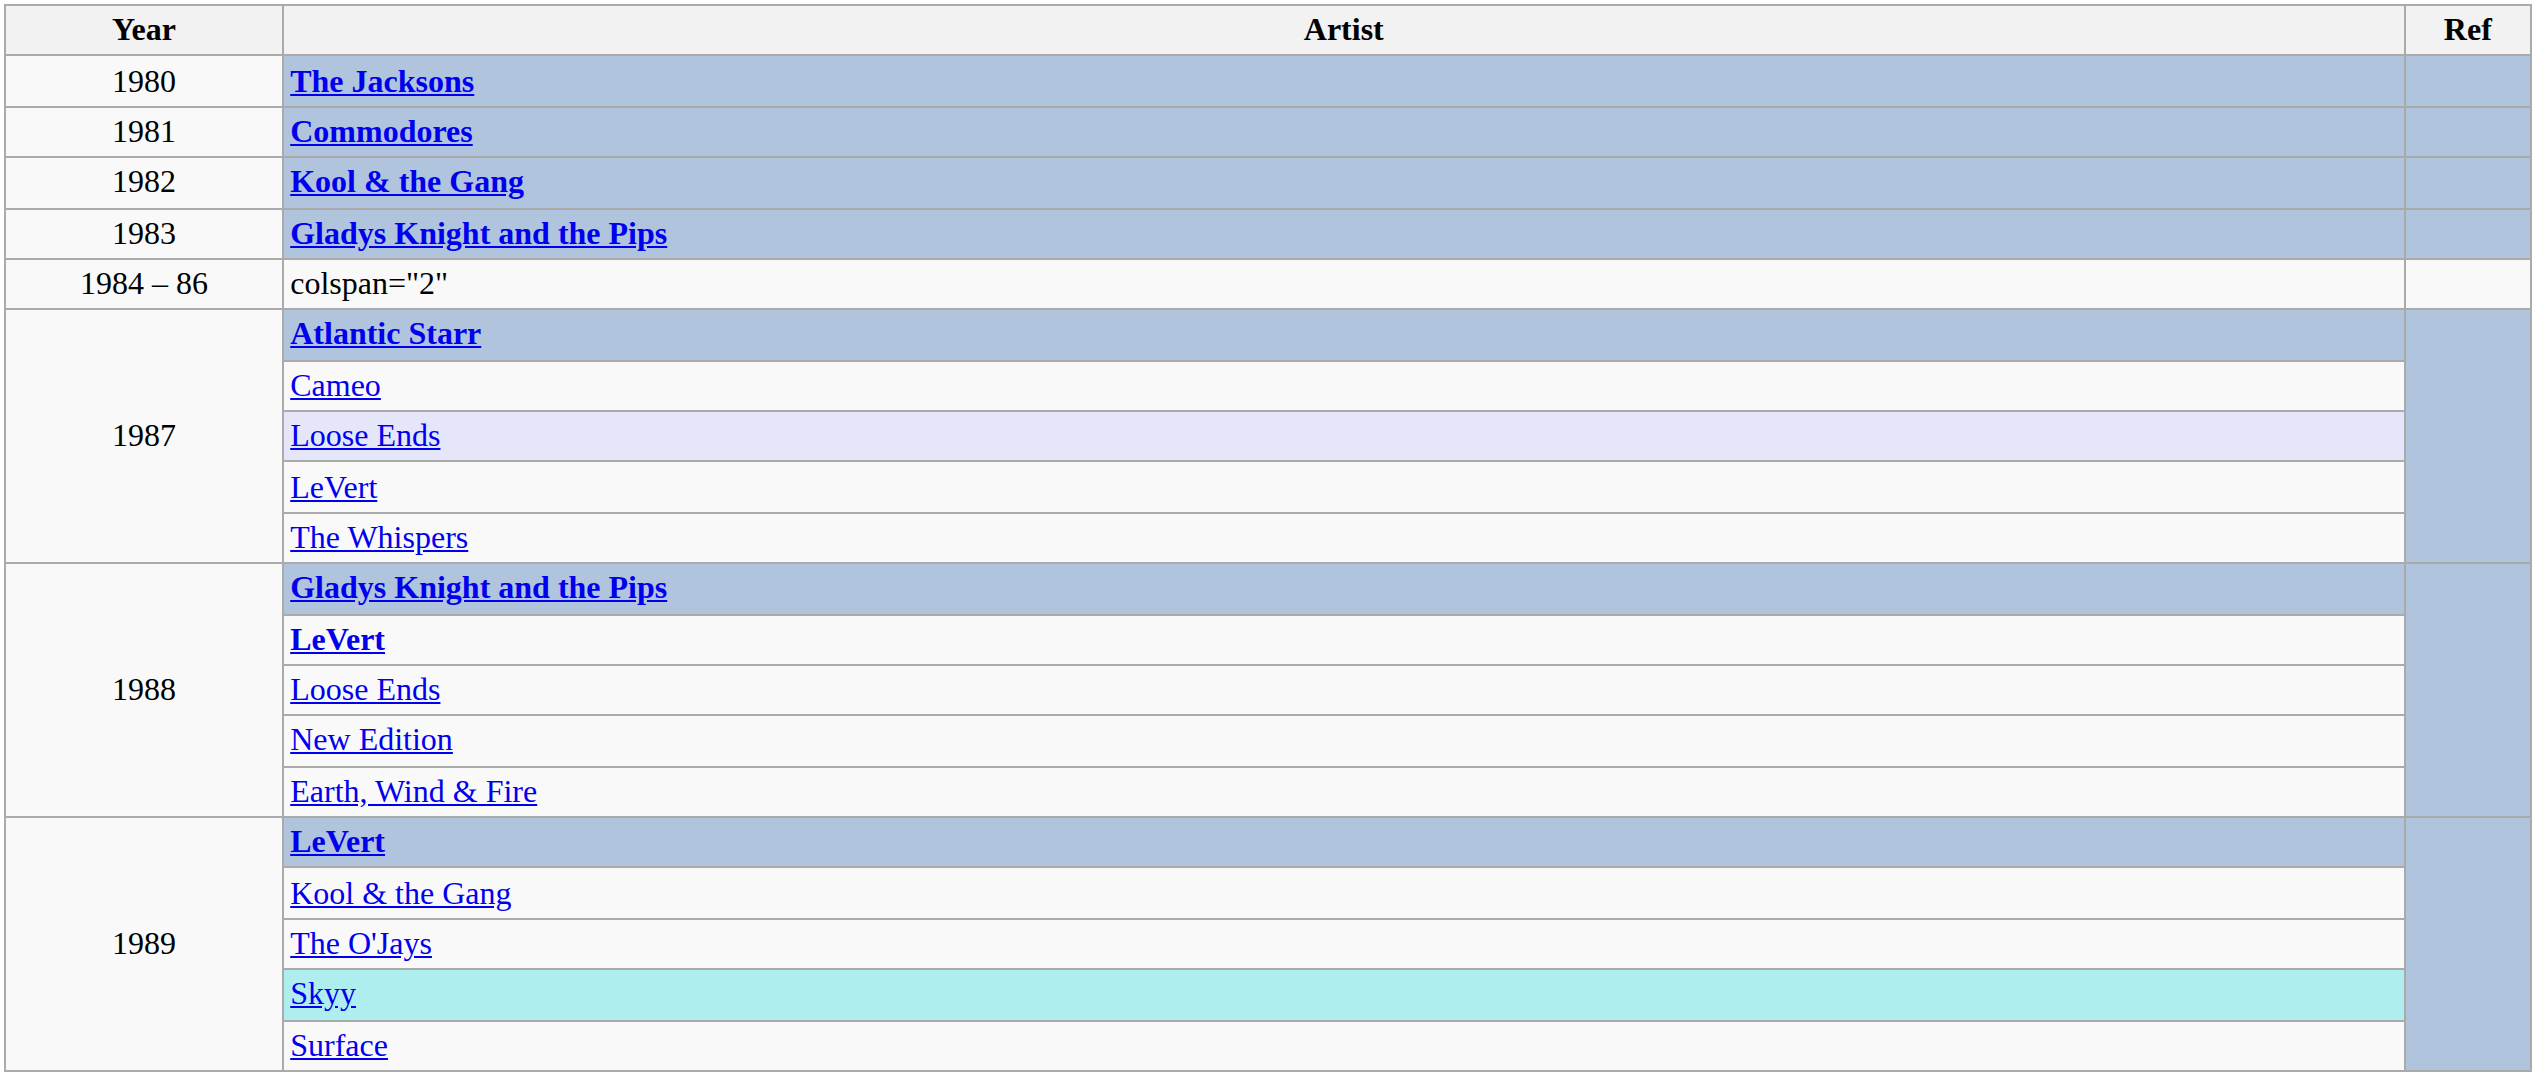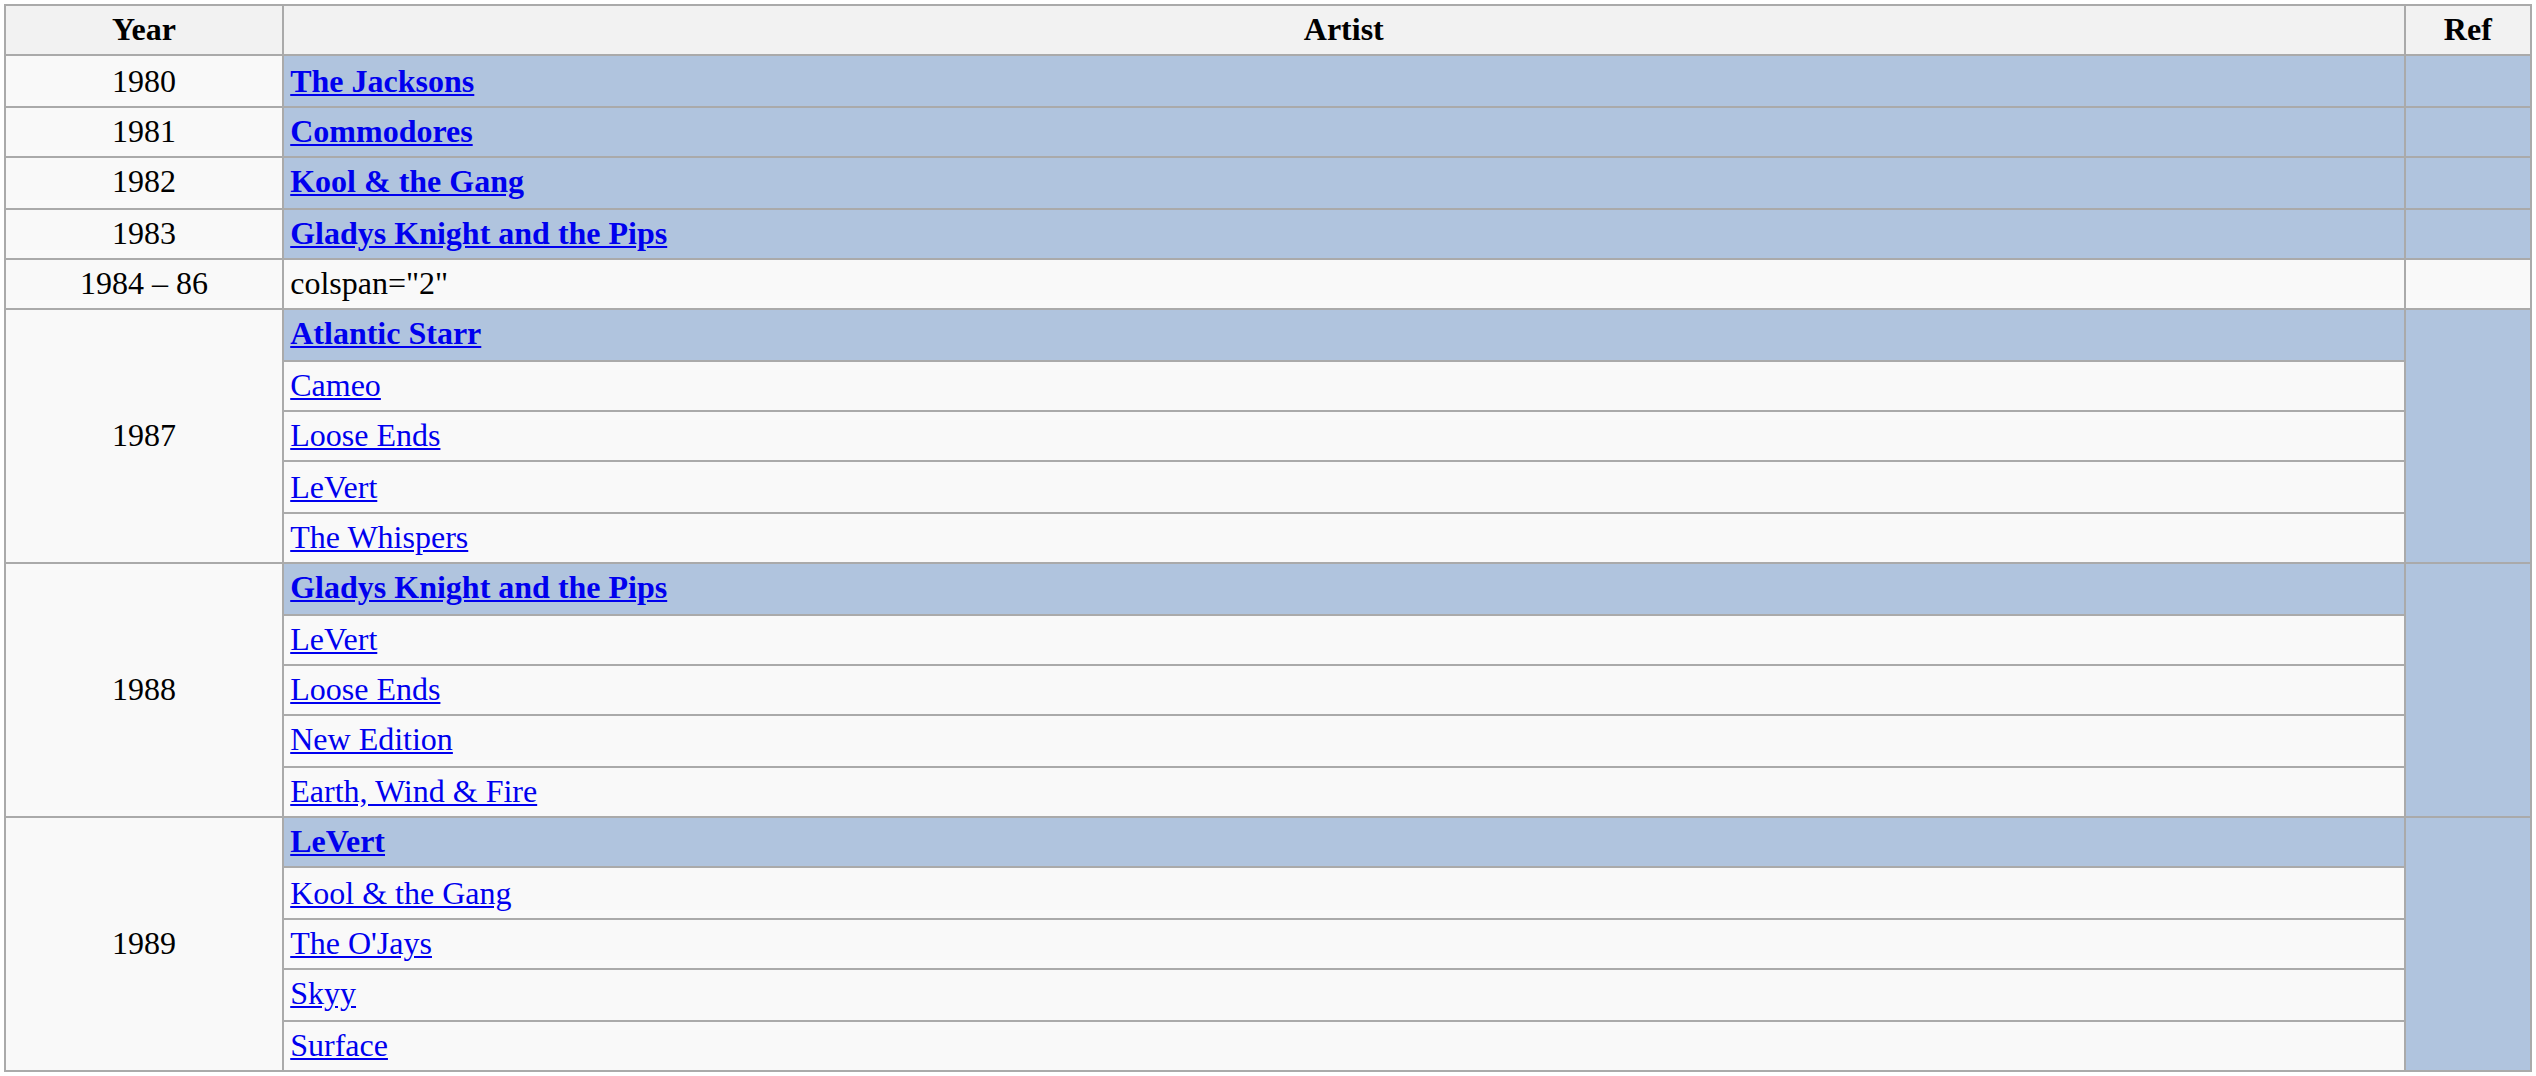 <table class="wikitable" style="width:100%;">
 <tr style="background:#bebebe;">
 <th style="width:11%;">Year</th>
 <th style="width:84%;">Artist</th>
 <th style="width:5%;">Ref</th>
 </tr>
 <tr>
 <td rowspan="2" align="center">1980</td>
 </tr>
 <tr style="background:#B0C4DE">
 <td><strong><a href='#'>The Jacksons</a></strong></td>
 <td align="center"></td>
 </tr>
 <tr>
 <td rowspan="2" align="center">1981</td>
 </tr>
 <tr style="background:#B0C4DE">
 <td><strong><a href='#'>Commodores</a></strong></td>
 <td align="center"></td>
 </tr>
 <tr>
 <td rowspan="2" align="center">1982</td>
 </tr>
 <tr style="background:#B0C4DE">
 <td><strong><a href='#'>Kool & the Gang</a></strong></td>
 <td align="center"></td>
 </tr>
 <tr>
 <td rowspan="2" align="center">1983</td>
 </tr>
 <tr style="background:#B0C4DE">
 <td><strong><a href='#'>Gladys Knight and the Pips</a></strong></td>
 <td align="center"></td>
 </tr>
 <tr>
 <td align="center">1984 – 86</td>
 <td>colspan="2" </td>
 </tr>
 <tr>
 <td rowspan="6" align="center">1987</td>
 </tr>
 <tr style="background:#B0C4DE">
 <td><strong><a href='#'>Atlantic Starr</a></strong></td>
 <td rowspan="6" align="center"></td>
 </tr>
 <tr>
 <td><a href='#'>Cameo</a></td>
 </tr>
 <tr>
-<td style="background: lavender;"><a href='#'>Loose Ends</a></td>
+<td><a href='#'>Loose Ends</a></td>
 </tr>
 <tr>
 <td><a href='#'>LeVert</a></td>
 </tr>
 <tr>
 <td><a href='#'>The Whispers</a></td>
 </tr>
 <tr>
 <td rowspan="6" align="center">1988</td>
 </tr>
 <tr style="background:#B0C4DE">
 <td><strong><a href='#'>Gladys Knight and the Pips</a></strong></td>
 <td rowspan="6" align="center"></td>
 </tr>
 <tr>
-<td><strong><a href='#'>LeVert</a></strong></td>
+<td><a href='#'>LeVert</a></td>
 </tr>
 <tr>
 <td><a href='#'>Loose Ends</a></td>
 </tr>
 <tr>
 <td><a href='#'>New Edition</a></td>
 </tr>
 <tr>
 <td><a href='#'>Earth, Wind & Fire</a></td>
 </tr>
 <tr>
 <td rowspan="6" align="center">1989</td>
 </tr>
 <tr style="background:#B0C4DE">
 <td><strong><a href='#'>LeVert</a></strong></td>
 <td rowspan="6" align="center"></td>
 </tr>
 <tr>
 <td><a href='#'>Kool & the Gang</a></td>
 </tr>
 <tr>
 <td><a href='#'>The O'Jays</a></td>
 </tr>
 <tr>
-<td style="background: paleturquoise;"><a href='#'>Skyy</a></td>
+<td><a href='#'>Skyy</a></td>
 </tr>
 <tr>
 <td><a href='#'>Surface</a></td>
 </tr>
 </table>
